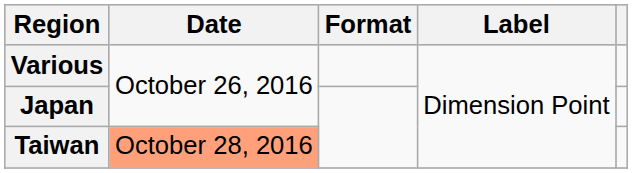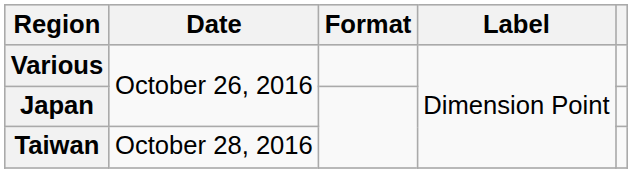 <table class="wikitable plainrowheaders">
 <tr>
 <th scope="col">Region</th>
 <th scope="col">Date</th>
 <th scope="col">Format</th>
 <th scope="col">Label</th>
 <th scope="col"></th>
 </tr>
 <tr>
 <th scope="row">Various</th>
 <td rowspan="2">October 26, 2016</td>
 <td></td>
 <td rowspan="3">Dimension Point</td>
 <td></td>
 </tr>
 <tr>
 <th scope="row">Japan</th>
 <td rowspan="2"></td>
 <td></td>
 </tr>
 <tr>
 <th scope="row">Taiwan</th>
-<td style="background: lightsalmon;">October 28, 2016</td>
+<td>October 28, 2016</td>
 <td></td>
 </tr>
 </table>
